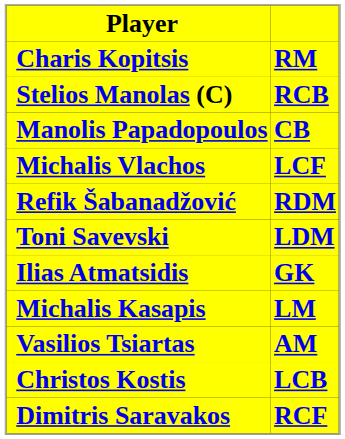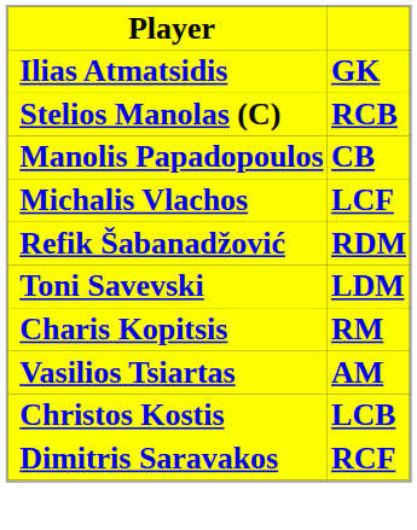 <table class="toccolours" border="0" cellpadding="2" cellspacing="0" align="center" style="margin: 0.5em 0 1em 1em; background: #000000; border: 1px #aaaaaa solid;">
 <tr bgcolor=#FFFF00>
 <th></th>
 <th>Player</th>
 <th></th>
 </tr>
 <tr bgcolor=#FFFF00>
 <td></td>
-<td><a href='#'><span><strong>Charis Kopitsis</strong></span></a></td>
-<td><a href='#'><strong>RM</strong></a></td>
+<td><a href='#'><span><strong>Ilias Atmatsidis</strong></span></a></td>
+<td><a href='#'><strong>GK</strong></a></td>
 </tr>
 <tr bgcolor=#FFFF00>
 <td></td>
 <td><a href='#'><span><strong>Stelios Manolas</strong></span></a> <strong>(C)</strong></td>
 <td><a href='#'><strong>RCB</strong></a></td>
 </tr>
 <tr bgcolor=#FFFF00>
 <td></td>
 <td><a href='#'><span><strong>Manolis Papadopoulos</strong></span></a></td>
 <td><a href='#'><strong>CB</strong></a></td>
 </tr>
 <tr bgcolor=#FFFF00>
 <td></td>
 <td><a href='#'><span><strong>Michalis Vlachos</strong></span></a></td>
 <td><a href='#'><strong>LCF</strong></a></td>
 </tr>
 <tr bgcolor=#FFFF00>
 <td></td>
 <td><a href='#'><span><strong>Refik Šabanadžović</strong></span></a></td>
 <td><a href='#'><strong>RDM</strong></a></td>
 </tr>
 <tr bgcolor=#FFFF00>
 <td></td>
 <td><a href='#'><span><strong>Toni Savevski</strong></span></a></td>
 <td><a href='#'><strong>LDM</strong></a></td>
 </tr>
 <tr bgcolor=#FFFF00>
 <td></td>
-<td><a href='#'><span><strong>Ilias Atmatsidis</strong></span></a></td>
-<td><a href='#'><strong>GK</strong></a></td>
-</tr>
-<tr bgcolor=#FFFF00>
-<td></td>
-<td><a href='#'><span><strong>Michalis Kasapis</strong></span></a></td>
-<td><a href='#'><strong>LM</strong></a></td>
+<td><a href='#'><span><strong>Charis Kopitsis</strong></span></a></td>
+<td><a href='#'><strong>RM</strong></a></td>
 </tr>
 <tr bgcolor=#FFFF00>
 <td></td>
 <td><a href='#'><span><strong>Vasilios Tsiartas</strong></span></a></td>
 <td><a href='#'><strong>AM</strong></a></td>
 </tr>
 <tr bgcolor=#FFFF00>
 <td></td>
 <td><a href='#'><span><strong>Christos Kostis</strong></span></a></td>
 <td><a href='#'><strong>LCB</strong></a></td>
 </tr>
 <tr bgcolor=#FFFF00>
 <td></td>
 <td><a href='#'><span><strong>Dimitris Saravakos</strong></span></a></td>
 <td><a href='#'><strong>RCF</strong></a></td>
 </tr>
 </table>
